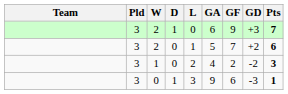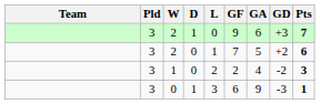 <table class="wikitable" style="text-align: center;">
 <tr>
 <th width="175">Team</th>
 <th width="20">Pld</th>
 <th width="20">W</th>
 <th width="20">D</th>
 <th width="20">L</th>
+<th width="20">GF</th>
 <th width="20">GA</th>
-<th width="20">GF</th>
 <th width="20">GD</th>
 <th width="20">Pts</th>
 </tr>
 <tr bgcolor="#ccffcc">
 <td style="text-align:left;"><strong></strong></td>
 <td>3</td>
 <td>2</td>
 <td>1</td>
 <td>0</td>
+<td>9</td>
 <td>6</td>
-<td>9</td>
 <td>+3</td>
 <td><strong>7</strong></td>
 </tr>
 <tr align=center>
 <td style="text-align:left;"></td>
 <td>3</td>
 <td>2</td>
 <td>0</td>
 <td>1</td>
+<td>7</td>
 <td>5</td>
-<td>7</td>
 <td>+2</td>
 <td><strong>6</strong></td>
 </tr>
 <tr align=center>
 <td style="text-align:left;"></td>
 <td>3</td>
 <td>1</td>
 <td>0</td>
 <td>2</td>
+<td>2</td>
 <td>4</td>
-<td>2</td>
 <td>-2</td>
 <td><strong>3</strong></td>
 </tr>
 <tr align=center>
 <td style="text-align:left;"></td>
 <td>3</td>
 <td>0</td>
 <td>1</td>
 <td>3</td>
+<td>6</td>
 <td>9</td>
-<td>6</td>
 <td>-3</td>
 <td><strong>1</strong></td>
 </tr>
 </table>
